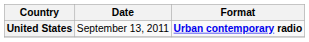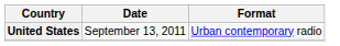 <table class="wikitable plainrowheaders">
 <tr>
 <th scope="col">Country</th>
 <th scope="col">Date</th>
 <th scope="col">Format</th>
 </tr>
 <tr>
 <th scope="row">United States</th>
 <td>September 13, 2011</td>
-<td><strong><a href='#'>Urban contemporary</a> radio</strong></td>
+<td><a href='#'>Urban contemporary</a> radio</td>
 </tr>
 <tr>
 </tr>
 </table>
